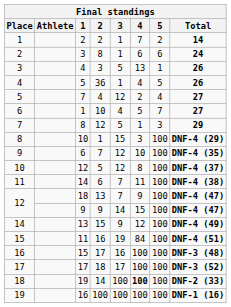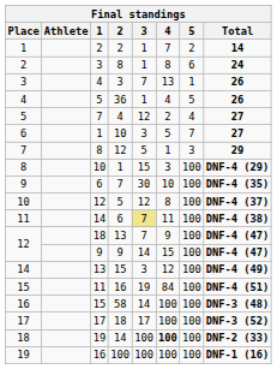 <table class=wikitable style="text-align:center">
 <tr>
 <th colspan=8><strong>Final standings</strong></th>
 </tr>
 <tr>
 <th>Place</th>
 <th>Athlete</th>
 <th>1</th>
 <th>2</th>
 <th>3</th>
 <th>4</th>
 <th>5</th>
 <th>Total</th>
 </tr>
 <tr>
 <td>1</td>
 <td align=left></td>
 <td>2</td>
 <td>2</td>
 <td>1</td>
 <td>7</td>
 <td>2</td>
 <td><strong>14</strong></td>
 </tr>
 <tr>
 <td>2</td>
 <td align=left></td>
 <td>3</td>
 <td>8</td>
 <td>1</td>
-<td>6</td>
+<td>8</td>
 <td>6</td>
 <td><strong>24</strong></td>
 </tr>
 <tr>
 <td>3</td>
 <td align=left></td>
 <td>4</td>
 <td>3</td>
-<td>5</td>
+<td>7</td>
 <td>13</td>
 <td>1</td>
 <td><strong>26</strong></td>
 </tr>
 <tr>
 <td>4</td>
 <td align=left></td>
 <td>5</td>
 <td>36</td>
 <td>1</td>
 <td>4</td>
 <td>5</td>
 <td><strong>26</strong></td>
 </tr>
 <tr>
 <td>5</td>
 <td align=left></td>
 <td>7</td>
 <td>4</td>
 <td>12</td>
 <td>2</td>
 <td>4</td>
 <td><strong>27</strong></td>
 </tr>
 <tr>
 <td>6</td>
 <td align=left></td>
 <td>1</td>
 <td>10</td>
-<td>4</td>
+<td>3</td>
 <td>5</td>
 <td>7</td>
 <td><strong>27</strong></td>
 </tr>
 <tr>
 <td>7</td>
 <td align=left></td>
 <td>8</td>
 <td>12</td>
 <td>5</td>
 <td>1</td>
 <td>3</td>
 <td><strong>29</strong></td>
 </tr>
 <tr>
 <td>8</td>
 <td align=left></td>
 <td>10</td>
 <td>1</td>
 <td>15</td>
 <td>3</td>
 <td>100</td>
 <td><strong>DNF-4 (29)</strong></td>
 </tr>
 <tr>
 <td>9</td>
 <td align=left></td>
 <td>6</td>
 <td>7</td>
-<td>12</td>
+<td>30</td>
 <td>10</td>
 <td>100</td>
 <td><strong>DNF-4 (35)</strong></td>
 </tr>
 <tr>
 <td>10</td>
 <td align=left></td>
 <td>12</td>
 <td>5</td>
 <td>12</td>
 <td>8</td>
 <td>100</td>
 <td><strong>DNF-4 (37)</strong></td>
 </tr>
 <tr>
 <td>11</td>
 <td align=left></td>
 <td>14</td>
 <td>6</td>
-<td>7</td>
+<td style="background: khaki;">7</td>
 <td>11</td>
 <td>100</td>
 <td><strong>DNF-4 (38)</strong></td>
 </tr>
 <tr>
 <td rowspan=2>12</td>
 <td align=left></td>
 <td>18</td>
 <td>13</td>
 <td>7</td>
 <td>9</td>
 <td>100</td>
 <td><strong>DNF-4 (47)</strong></td>
 </tr>
 <tr>
 <td align=left></td>
 <td>9</td>
 <td>9</td>
 <td>14</td>
 <td>15</td>
 <td>100</td>
 <td><strong>DNF-4 (47)</strong></td>
 </tr>
 <tr>
 <td>14</td>
 <td align=left></td>
 <td>13</td>
 <td>15</td>
-<td>9</td>
+<td>3</td>
 <td>12</td>
 <td>100</td>
 <td><strong>DNF-4 (49)</strong></td>
 </tr>
 <tr>
 <td>15</td>
 <td align=left></td>
 <td>11</td>
 <td>16</td>
 <td>19</td>
 <td>84</td>
 <td>100</td>
 <td><strong>DNF-4 (51)</strong></td>
 </tr>
 <tr>
 <td>16</td>
 <td align=left></td>
 <td>15</td>
-<td>17</td>
-<td>16</td>
+<td>58</td>
+<td>14</td>
 <td>100</td>
 <td>100</td>
 <td><strong>DNF-3 (48)</strong></td>
 </tr>
 <tr>
 <td>17</td>
 <td align=left></td>
 <td>17</td>
 <td>18</td>
 <td>17</td>
 <td>100</td>
 <td>100</td>
 <td><strong>DNF-3 (52)</strong></td>
 </tr>
 <tr>
 <td>18</td>
 <td align=left></td>
 <td>19</td>
 <td>14</td>
 <td>100</td>
 <td><strong>100</strong></td>
 <td>100</td>
 <td><strong>DNF-2 (33)</strong></td>
 </tr>
 <tr>
 <td>19</td>
 <td align=left></td>
 <td>16</td>
 <td>100</td>
 <td>100</td>
 <td>100</td>
 <td>100</td>
 <td><strong>DNF-1 (16)</strong></td>
 </tr>
 </table>
